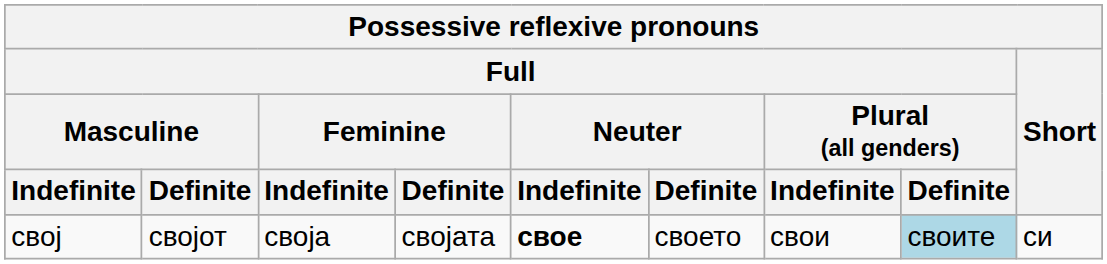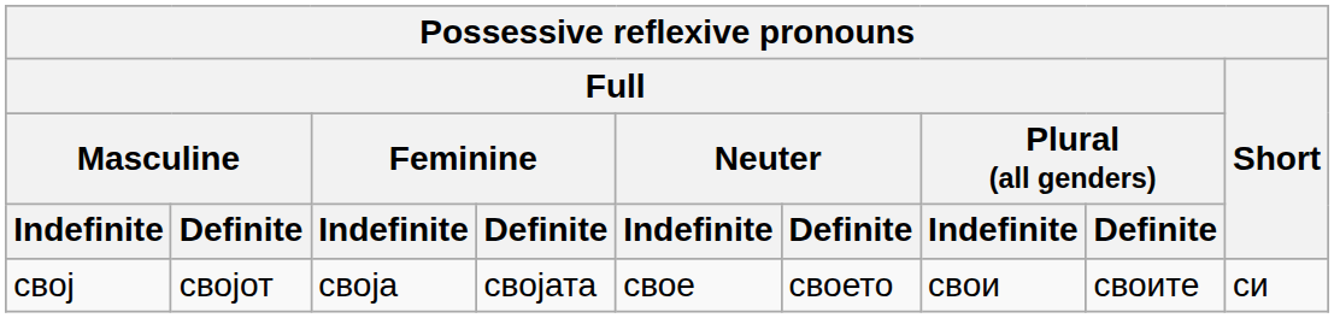 <table class="wikitable">
 <tr>
 <th colspan="9">Possessive reflexive pronouns</th>
 </tr>
 <tr>
 <th colspan="8">Full</th>
 <th rowspan="3">Short</th>
 </tr>
 <tr>
 <th colspan="2">Masculine</th>
 <th colspan="2">Feminine</th>
 <th colspan="2">Neuter</th>
 <th colspan="2">Plural<br><small>(all genders)</small></th>
 </tr>
 <tr>
 <th>Indefinite</th>
 <th>Definite</th>
 <th>Indefinite</th>
 <th>Definite</th>
 <th>Indefinite</th>
 <th>Definite</th>
 <th>Indefinite</th>
 <th>Definite</th>
 </tr>
 <tr>
 <td>свој</td>
 <td>својот</td>
 <td>своја</td>
 <td>својата</td>
-<td><strong>свое</strong></td>
+<td>свое</td>
 <td>своето</td>
 <td>свои</td>
-<td style="background: lightblue;">своите</td>
+<td>своите</td>
 <td>си</td>
 </tr>
 </table>
